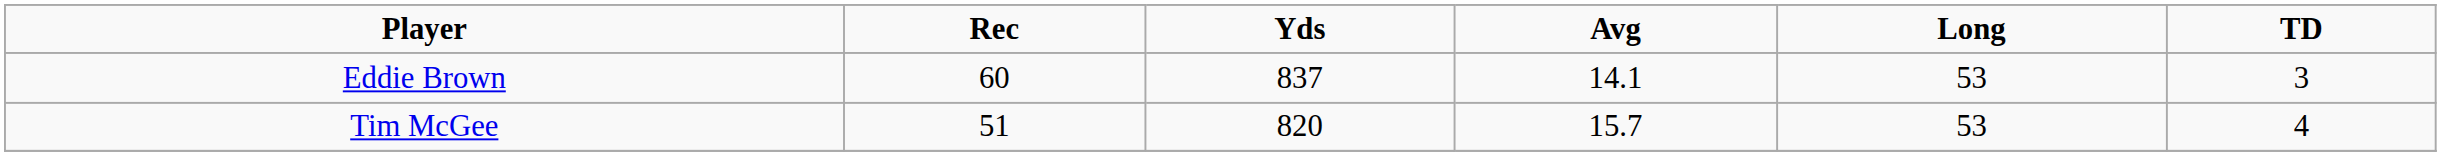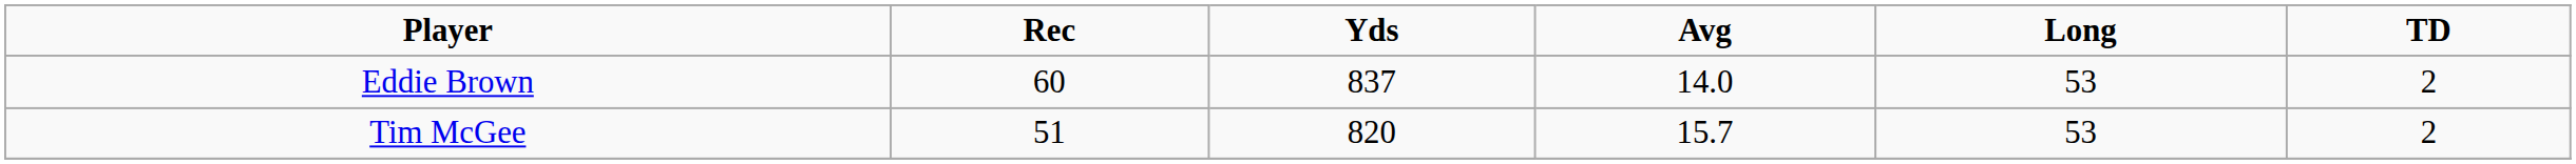 <table class="wikitable" width="80%">
 <tr align="center">
 <td><strong>Player</strong></td>
 <td><strong>Rec</strong></td>
 <td><strong>Yds</strong></td>
 <td><strong>Avg</strong></td>
 <td><strong>Long</strong></td>
 <td><strong>TD</strong></td>
 </tr>
 <tr align="center" bgcolor="">
 <td><a href='#'>Eddie Brown</a></td>
 <td>60</td>
 <td>837</td>
-<td>14.1</td>
+<td>14.0</td>
 <td>53</td>
-<td>3</td>
+<td>2</td>
 </tr>
 <tr align="center" bgcolor="">
 <td><a href='#'>Tim McGee</a></td>
 <td>51</td>
 <td>820</td>
 <td>15.7</td>
 <td>53</td>
-<td>4</td>
+<td>2</td>
 </tr>
 <tr align="center" bgcolor="">
 </tr>
 </table>
